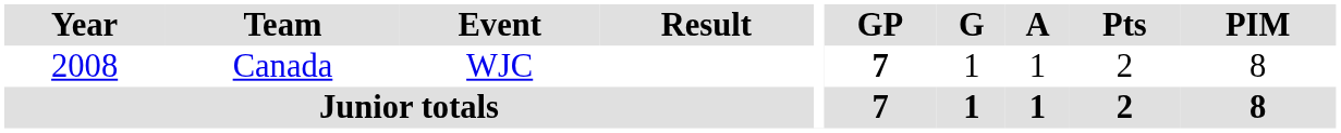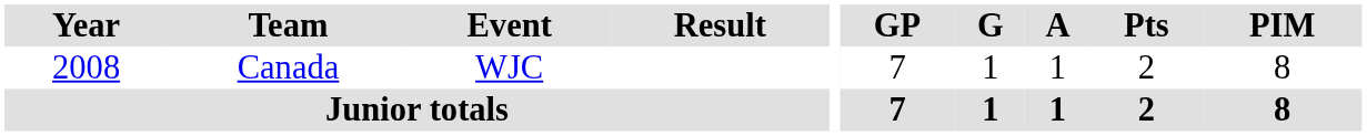 <table border="0" cellpadding="1" cellspacing="0" ID="Table3" style="text-align:center; width:40em">
 <tr ALIGN="center" bgcolor="#e0e0e0">
 <th>Year</th>
 <th>Team</th>
 <th>Event</th>
 <th>Result</th>
 <th rowspan="99" bgcolor="#ffffff"></th>
 <th>GP</th>
 <th>G</th>
 <th>A</th>
 <th>Pts</th>
 <th>PIM</th>
 </tr>
 <tr>
 <td><a href='#'>2008</a></td>
 <td><a href='#'>Canada</a></td>
 <td><a href='#'>WJC</a></td>
 <td></td>
-<td><strong>7</strong></td>
+<td>7</td>
 <td>1</td>
 <td>1</td>
 <td>2</td>
 <td>8</td>
 </tr>
 <tr bgcolor="#e0e0e0">
 <th colspan="4">Junior totals</th>
 <th>7</th>
 <th>1</th>
 <th>1</th>
 <th>2</th>
 <th>8</th>
 </tr>
 </table>
